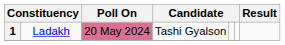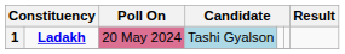 <table class="wikitable " style="text-align:center;">
 <tr>
 <th colspan="2">Constituency</th>
 <th>Poll On</th>
 <th colspan="3">Candidate</th>
 <th>Result</th>
 </tr>
 <tr>
 <th>1</th>
-<td><a href='#'>Ladakh</a></td>
+<td><strong><a href='#'>Ladakh</a></strong></td>
 <td bgcolor=#DB7093>20 May 2024</td>
-<td>Tashi Gyalson</td>
+<td style="background: lightblue;">Tashi Gyalson</td>
 <td></td>
 <td></td>
 </tr>
 <tr>
 </tr>
 </table>
